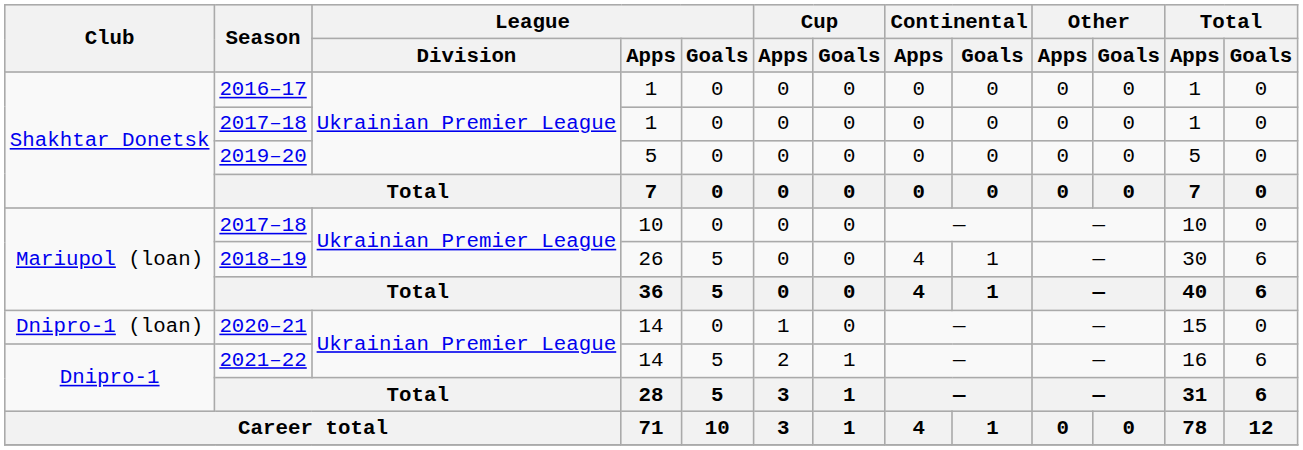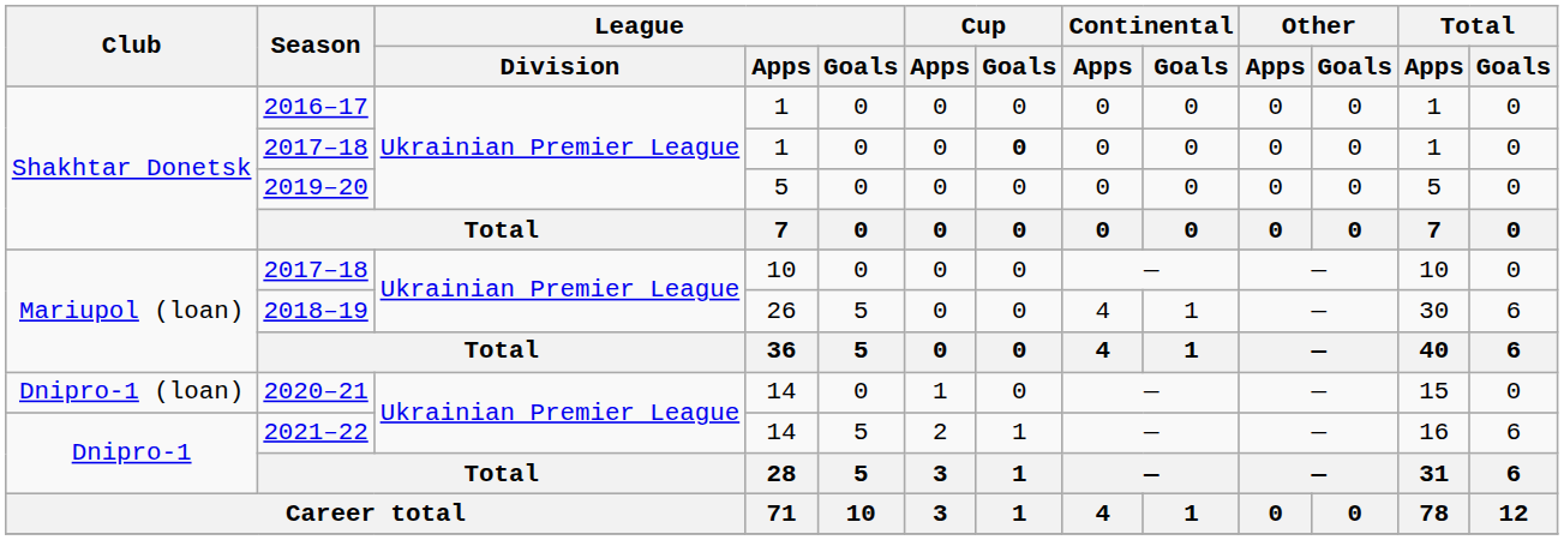 <table class="wikitable" style="text-align:center">
 <tr>
 <th rowspan="2">Club</th>
 <th rowspan="2">Season</th>
 <th colspan="3">League</th>
 <th colspan="2">Cup</th>
 <th colspan="2">Continental</th>
 <th colspan="2">Other</th>
 <th colspan="2">Total</th>
 </tr>
 <tr>
 <th>Division</th>
 <th>Apps</th>
 <th>Goals</th>
 <th>Apps</th>
 <th>Goals</th>
 <th>Apps</th>
 <th>Goals</th>
 <th>Apps</th>
 <th>Goals</th>
 <th>Apps</th>
 <th>Goals</th>
 </tr>
 <tr>
 <td rowspan="4"><a href='#'>Shakhtar Donetsk</a></td>
 <td><a href='#'>2016–17</a></td>
 <td rowspan="3"><a href='#'>Ukrainian Premier League</a></td>
 <td>1</td>
 <td>0</td>
 <td>0</td>
 <td>0</td>
 <td>0</td>
 <td>0</td>
 <td>0</td>
 <td>0</td>
 <td>1</td>
 <td>0</td>
 </tr>
 <tr>
 <td><a href='#'>2017–18</a></td>
 <td>1</td>
 <td>0</td>
 <td>0</td>
-<td>0</td>
+<td><strong>0</strong></td>
 <td>0</td>
 <td>0</td>
 <td>0</td>
 <td>0</td>
 <td>1</td>
 <td>0</td>
 </tr>
 <tr>
 <td><a href='#'>2019–20</a></td>
 <td>5</td>
 <td>0</td>
 <td>0</td>
 <td>0</td>
 <td>0</td>
 <td>0</td>
 <td>0</td>
 <td>0</td>
 <td>5</td>
 <td>0</td>
 </tr>
 <tr>
 <th colspan="2">Total</th>
 <th>7</th>
 <th>0</th>
 <th>0</th>
 <th>0</th>
 <th>0</th>
 <th>0</th>
 <th>0</th>
 <th>0</th>
 <th>7</th>
 <th>0</th>
 </tr>
 <tr>
 <td rowspan="3"><a href='#'>Mariupol</a> (loan)</td>
 <td><a href='#'>2017–18</a></td>
 <td rowspan="2"><a href='#'>Ukrainian Premier League</a></td>
 <td>10</td>
 <td>0</td>
 <td>0</td>
 <td>0</td>
 <td colspan="2">—</td>
 <td colspan="2">—</td>
 <td>10</td>
 <td>0</td>
 </tr>
 <tr>
 <td><a href='#'>2018–19</a></td>
 <td>26</td>
 <td>5</td>
 <td>0</td>
 <td>0</td>
 <td>4</td>
 <td>1</td>
 <td colspan="2">—</td>
 <td>30</td>
 <td>6</td>
 </tr>
 <tr>
 <th colspan="2">Total</th>
 <th>36</th>
 <th>5</th>
 <th>0</th>
 <th>0</th>
 <th>4</th>
 <th>1</th>
 <th colspan="2">—</th>
 <th>40</th>
 <th>6</th>
 </tr>
 <tr>
 <td rowspan="1"><a href='#'>Dnipro-1</a> (loan)</td>
 <td><a href='#'>2020–21</a></td>
 <td rowspan="2"><a href='#'>Ukrainian Premier League</a></td>
 <td>14</td>
 <td>0</td>
 <td>1</td>
 <td>0</td>
 <td colspan="2">—</td>
 <td colspan="2">—</td>
 <td>15</td>
 <td>0</td>
 </tr>
 <tr>
 <td rowspan="2"><a href='#'>Dnipro-1</a></td>
 <td><a href='#'>2021–22</a></td>
 <td>14</td>
 <td>5</td>
 <td>2</td>
 <td>1</td>
 <td colspan="2">—</td>
 <td colspan="2">—</td>
 <td>16</td>
 <td>6</td>
 </tr>
 <tr>
 <th colspan="2">Total</th>
 <th>28</th>
 <th>5</th>
 <th>3</th>
 <th>1</th>
 <th colspan="2">—</th>
 <th colspan="2">—</th>
 <th>31</th>
 <th>6</th>
 </tr>
 <tr>
 <th colspan="3">Career total</th>
 <th>71</th>
 <th>10</th>
 <th>3</th>
 <th>1</th>
 <th>4</th>
 <th>1</th>
 <th>0</th>
 <th>0</th>
 <th>78</th>
 <th>12</th>
 </tr>
 <tr>
 </tr>
 </table>
